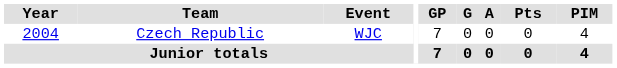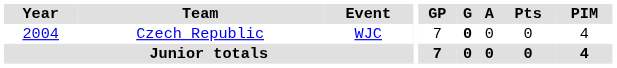 <table border="0" cellpadding="1" cellspacing="0" ID="Table3" style="text-align:center; width:40em">
 <tr ALIGN="center" bgcolor="#e0e0e0">
 <th>Year</th>
 <th>Team</th>
 <th>Event</th>
 <th rowspan="99" bgcolor="#ffffff"></th>
 <th>GP</th>
 <th>G</th>
 <th>A</th>
 <th>Pts</th>
 <th>PIM</th>
 </tr>
 <tr>
 <td><a href='#'>2004</a></td>
 <td><a href='#'>Czech Republic</a></td>
 <td><a href='#'>WJC</a></td>
 <td>7</td>
-<td>0</td>
+<td><strong>0</strong></td>
 <td>0</td>
 <td>0</td>
 <td>4</td>
 </tr>
 <tr bgcolor="#e0e0e0">
 <th colspan="3">Junior totals</th>
 <th>7</th>
 <th>0</th>
 <th>0</th>
 <th>0</th>
 <th>4</th>
 </tr>
 </table>
